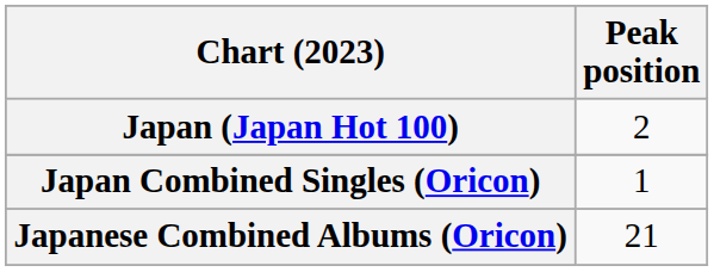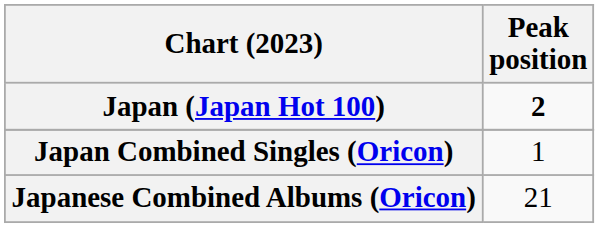 <table class="wikitable sortable plainrowheaders" style="text-align:center">
 <tr>
 <th scope="col">Chart (2023)</th>
 <th scope="col">Peak<br>position</th>
 </tr>
 <tr>
 <th scope="row">Japan (<a href='#'>Japan Hot 100</a>)</th>
-<td>2</td>
+<td><strong>2</strong></td>
 </tr>
 <tr>
 </tr>
 <tr>
 <th scope="row">Japan Combined Singles (<a href='#'>Oricon</a>)</th>
 <td>1</td>
 </tr>
 <tr>
 <th scope="row">Japanese Combined Albums (<a href='#'>Oricon</a>)</th>
 <td>21</td>
 </tr>
 </table>
